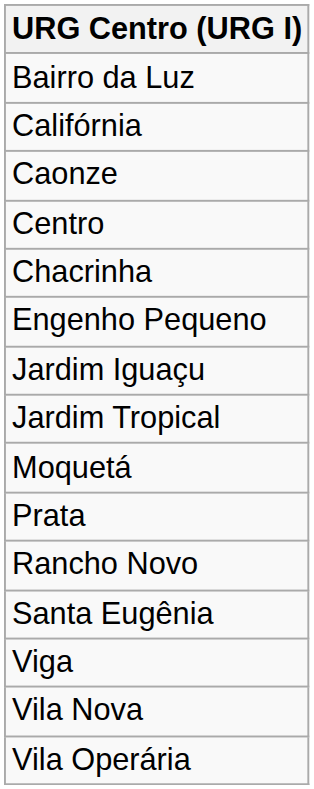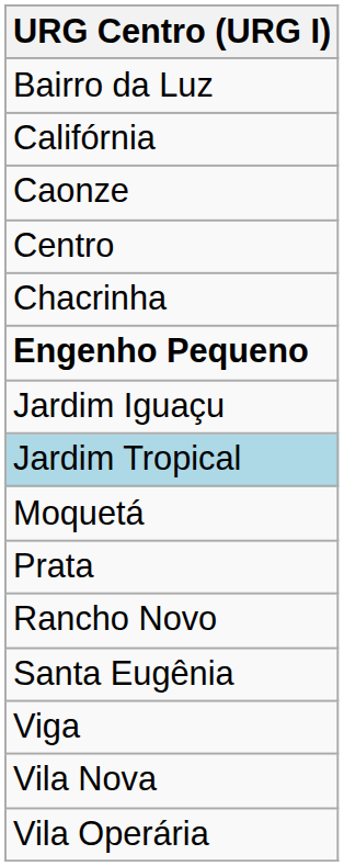 <table class="wikitable" style="margin-bottom: 10px;" border="1">
 <tr>
 <th>URG Centro (URG I)</th>
 </tr>
 <tr>
 <td>Bairro da Luz</td>
 </tr>
 <tr>
 <td>Califórnia</td>
 </tr>
 <tr>
 <td>Caonze</td>
 </tr>
 <tr>
 <td>Centro</td>
 </tr>
 <tr>
 <td>Chacrinha</td>
 </tr>
 <tr>
-<td>Engenho Pequeno</td>
+<td><strong>Engenho Pequeno</strong></td>
 </tr>
 <tr>
 <td>Jardim Iguaçu</td>
 </tr>
 <tr>
-<td>Jardim Tropical</td>
+<td style="background: lightblue;">Jardim Tropical</td>
 </tr>
 <tr>
 <td>Moquetá</td>
 </tr>
 <tr>
 <td>Prata</td>
 </tr>
 <tr>
 <td>Rancho Novo</td>
 </tr>
 <tr>
 <td>Santa Eugênia</td>
 </tr>
 <tr>
 <td>Viga</td>
 </tr>
 <tr>
 <td>Vila Nova</td>
 </tr>
 <tr>
 <td>Vila Operária</td>
 </tr>
 <tr>
 </tr>
 </table>
